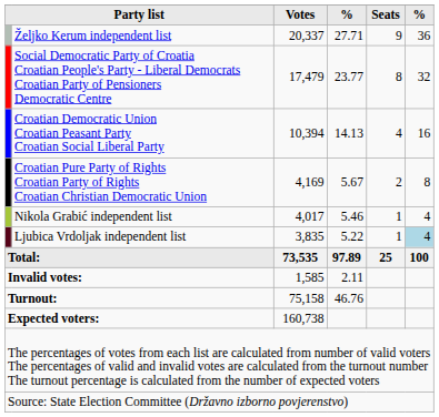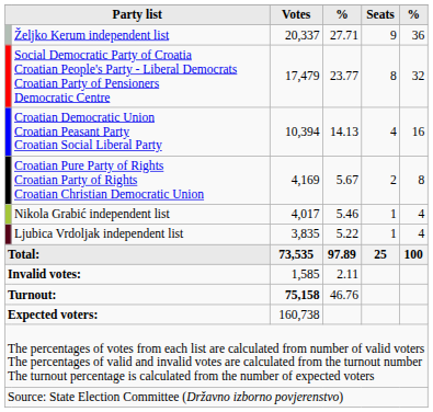 <table class="wikitable" border="1">
 <tr>
 </tr>
 <tr style="background-color:#C9C9C9">
 <th style="background-color:#E9E9E9" align= center colspan="2">Party list</th>
 <th style="background-color:#E9E9E9" align= center>Votes</th>
 <th style="background-color:#E9E9E9" align= center>%</th>
 <th style="background-color:#E9E9E9" align= center>Seats</th>
 <th style="background-color:#E9E9E9" align= center>%</th>
 </tr>
 <tr>
 <td bgcolor="#B2BEB5"></td>
 <td align = left><a href='#'>Željko Kerum independent list</a></td>
 <td align = right>20,337</td>
 <td align = right>27.71</td>
 <td align = right>9</td>
 <td align = right>36</td>
 </tr>
 <tr>
 <td bgcolor="red"></td>
 <td align = left><a href='#'>Social Democratic Party of Croatia</a> <br> <a href='#'>Croatian People's Party - Liberal Democrats</a> <br> <a href='#'>Croatian Party of Pensioners</a> <br> <a href='#'>Democratic Centre</a></td>
 <td align = right>17,479</td>
 <td align = right>23.77</td>
 <td align = right>8</td>
 <td align = right>32</td>
 </tr>
 <tr>
 <td bgcolor="blue"></td>
 <td align = left><a href='#'>Croatian Democratic Union</a> <br> <a href='#'>Croatian Peasant Party</a> <br> <a href='#'>Croatian Social Liberal Party</a></td>
 <td align = right>10,394</td>
 <td align = right>14.13</td>
 <td align = right>4</td>
 <td align = right>16</td>
 </tr>
 <tr>
 <td bgcolor="black"></td>
 <td align = left><a href='#'>Croatian Pure Party of Rights</a> <br> <a href='#'>Croatian Party of Rights</a> <br> <a href='#'>Croatian Christian Democratic Union</a></td>
 <td align = right>4,169</td>
 <td align = right>5.67</td>
 <td align = right>2</td>
 <td align = right>8</td>
 </tr>
 <tr>
 <td bgcolor="#A4C639"></td>
 <td align = left>Nikola Grabić independent list</td>
 <td align = right>4,017</td>
 <td align = right>5.46</td>
 <td align = right>1</td>
 <td align = right>4</td>
 </tr>
 <tr>
 <td bgcolor="#560319"></td>
 <td align = left>Ljubica Vrdoljak independent list</td>
 <td align = right>3,835</td>
 <td align = right>5.22</td>
 <td align = right>1</td>
-<td align = right style="background: lightblue;">4</td>
+<td align = right>4</td>
 </tr>
 <tr style="background-color:#E9E9E9">
 <td align=left colspan=2><strong>Total:</strong></td>
 <th align=right>73,535</th>
 <th align=right>97.89</th>
 <th align=right>25</th>
 <th align=right>100</th>
 </tr>
 <tr>
 <td align=left colspan=2><strong>Invalid votes:</strong></td>
 <td align=right>1,585</td>
 <td align=right>2.11</td>
 <td align=right></td>
 <td align=right></td>
 </tr>
 <tr>
 <td align=left colspan=2><strong>Turnout:</strong></td>
-<td align=right>75,158</td>
+<td align=right><strong>75,158</strong></td>
 <td align=right>46.76</td>
 <td align=right></td>
 <td align=right></td>
 </tr>
 <tr>
 <td align=left colspan=2><strong>Expected voters:</strong></td>
 <td align=right>160,738</td>
 <td align=right></td>
 <td align=right></td>
 <td align=right></td>
 </tr>
 <tr>
 <td align=left colspan=6><br>The percentages of votes from each list are calculated from number of valid voters<br> The percentages of valid and invalid votes are calculated from the turnout number<br> The turnout percentage is calculated from the number of expected voters</td>
 </tr>
 <tr>
 <td align=left colspan=6>Source: State Election Committee (<em>Državno izborno povjerenstvo</em>) </td>
 </tr>
 </table>
